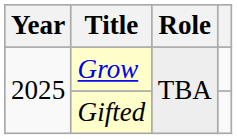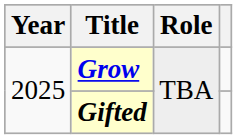 <table class="wikitable sortable">
 <tr>
 <th>Year</th>
 <th>Title</th>
 <th>Role</th>
 <th class="unsortable"></th>
 </tr>
 <tr>
 <td rowspan="2">2025</td>
-<td style="background:#FFFFCC;"><a href='#'><em>Grow</em></a> </td>
+<td style="background:#FFFFCC;"><strong><a href='#'><em>Grow</em></a> </strong></td>
 <td rowspan="2" style="background: var(--background-color-interactive, #EEE); color: var(--color-base, black); vertical-align: middle; white-space: nowrap; text-align: center; " class="table-Un­known">TBA</td>
 <td style="text-align:center;"></td>
 </tr>
 <tr>
-<td style="background:#FFFFCC;"><em>Gifted</em> </td>
+<td style="background:#FFFFCC;"><strong><em>Gifted</em> </strong></td>
 <td style="text-align:center;"></td>
 </tr>
 </table>
